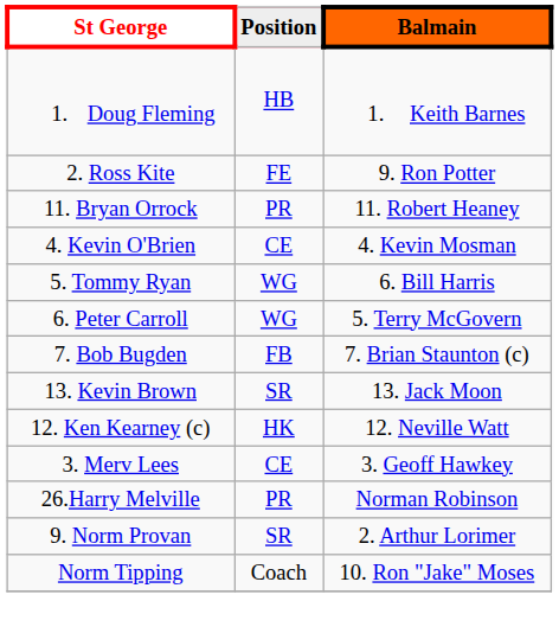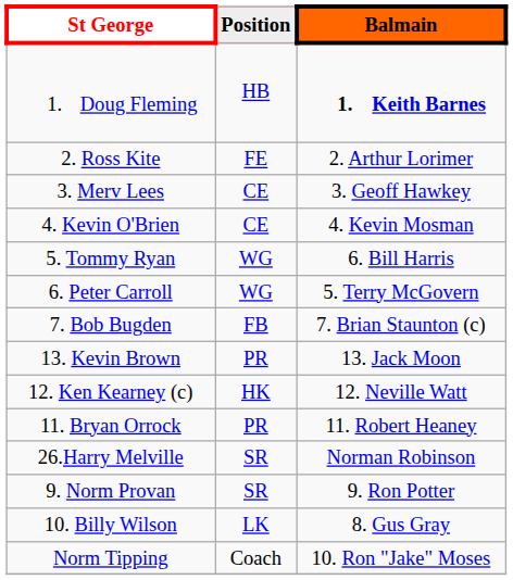 <table align="right" class="wikitable" style="font-size:90%; margin-left:1em">
 <tr bgcolor="#FF0033">
 <th style="width:140px; border:3px solid red; background: white; color: red">St George</th>
 <th style="width:40px; text-align:center; background:#eee; color:black;">Position</th>
 <th style="width:140px; border:3px solid black; background: #f60; color: black">Balmain</th>
 </tr>
 <tr align=center>
 <td><br><ol><li><a href='#'>Doug Fleming</a></li></ol></td>
 <td><a href='#'>HB</a></td>
-<td><br><ol><li><a href='#'>Keith Barnes</a></li></ol></td>
+<td><strong><br><ol><li><a href='#'>Keith Barnes</a></li></ol></strong></td>
 </tr>
 <tr align=center>
 <td>2. <a href='#'>Ross Kite</a></td>
 <td><a href='#'>FE</a></td>
-<td>9. <a href='#'>Ron Potter</a></td>
+<td>2. <a href='#'>Arthur Lorimer</a></td>
 </tr>
 <tr align=center>
-<td>11. <a href='#'>Bryan Orrock</a></td>
-<td><a href='#'>PR</a></td>
-<td>11. <a href='#'>Robert Heaney</a></td>
+<td>3. <a href='#'>Merv Lees</a></td>
+<td><a href='#'>CE</a></td>
+<td>3. <a href='#'>Geoff Hawkey</a></td>
 </tr>
 <tr align=center>
 <td>4. <a href='#'>Kevin O'Brien</a></td>
 <td><a href='#'>CE</a></td>
 <td>4. <a href='#'>Kevin Mosman</a></td>
 </tr>
 <tr align=center>
 <td>5. <a href='#'>Tommy Ryan</a></td>
 <td><a href='#'>WG</a></td>
 <td>6. <a href='#'>Bill Harris</a></td>
 </tr>
 <tr align=center>
 <td>6. <a href='#'>Peter Carroll</a></td>
 <td><a href='#'>WG</a></td>
 <td>5. <a href='#'>Terry McGovern</a></td>
 </tr>
 <tr align=center>
 <td>7. <a href='#'>Bob Bugden</a></td>
 <td><a href='#'>FB</a></td>
 <td>7. <a href='#'>Brian Staunton</a> (c)</td>
 </tr>
 <tr align=center>
 <td>13. <a href='#'>Kevin Brown</a></td>
-<td><a href='#'>SR</a></td>
+<td><a href='#'>PR</a></td>
 <td>13. <a href='#'>Jack Moon</a></td>
 </tr>
 <tr align=center>
 <td>12. <a href='#'>Ken Kearney</a> (c)</td>
 <td><a href='#'>HK</a></td>
 <td>12. <a href='#'>Neville Watt</a></td>
 </tr>
 <tr align=center>
-<td>3. <a href='#'>Merv Lees</a></td>
-<td><a href='#'>CE</a></td>
-<td>3. <a href='#'>Geoff Hawkey</a></td>
+<td>11. <a href='#'>Bryan Orrock</a></td>
+<td><a href='#'>PR</a></td>
+<td>11. <a href='#'>Robert Heaney</a></td>
 </tr>
 <tr align=center>
 <td>26.<a href='#'>Harry Melville</a></td>
-<td><a href='#'>PR</a></td>
+<td><a href='#'>SR</a></td>
 <td><a href='#'>Norman Robinson</a></td>
 </tr>
 <tr align=center>
 <td>9. <a href='#'>Norm Provan</a></td>
 <td><a href='#'>SR</a></td>
-<td>2. <a href='#'>Arthur Lorimer</a></td>
+<td>9. <a href='#'>Ron Potter</a></td>
+</tr>
+<tr align=center>
+<td>10. <a href='#'>Billy Wilson</a></td>
+<td><a href='#'>LK</a></td>
+<td>8. <a href='#'>Gus Gray</a></td>
 </tr>
 <tr align=center>
 <td><a href='#'>Norm Tipping</a></td>
 <td>Coach</td>
 <td>10. <a href='#'>Ron "Jake" Moses</a></td>
 </tr>
 <tr>
 </tr>
 </table>
